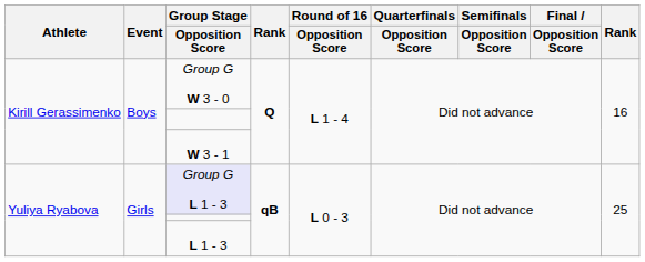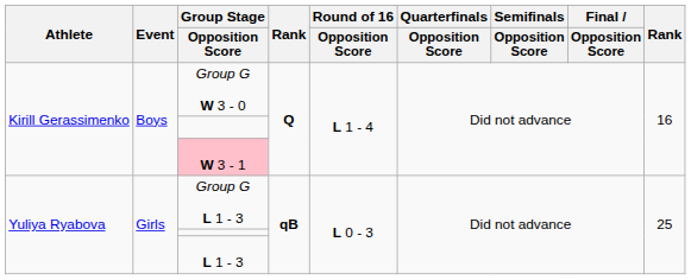 <table class=wikitable style="font-size:90%">
 <tr>
 <th rowspan="2">Athlete</th>
 <th rowspan="2">Event</th>
 <th>Group Stage</th>
 <th rowspan="2">Rank</th>
 <th>Round of 16</th>
 <th>Quarterfinals</th>
 <th>Semifinals</th>
 <th>Final / </th>
 <th rowspan=2>Rank</th>
 </tr>
 <tr style="font-size:95%">
 <th>Opposition<br>Score</th>
 <th>Opposition<br>Score</th>
 <th>Opposition<br>Score</th>
 <th>Opposition<br>Score</th>
 <th>Opposition<br>Score</th>
 </tr>
 <tr align=center>
 <td align=left rowspan=3><a href='#'>Kirill Gerassimenko</a></td>
 <td align=left rowspan=3><a href='#'>Boys</a></td>
 <td><em>Group G</em><br><br><strong>W</strong> 3 - 0</td>
 <td rowspan=3><strong>Q</strong></td>
 <td rowspan=3><br><strong>L</strong> 1 - 4</td>
 <td rowspan=3 colspan=3>Did not advance</td>
 <td rowspan=3>16</td>
 </tr>
 <tr align=center>
 <td><br></td>
 </tr>
 <tr align=center>
-<td><br><strong>W</strong> 3 - 1</td>
+<td style="background: pink;"><br><strong>W</strong> 3 - 1</td>
 </tr>
 <tr align=center>
 <td align=left rowspan=3><a href='#'>Yuliya Ryabova</a></td>
 <td align=left rowspan=3><a href='#'>Girls</a></td>
-<td style="background: lavender;"><em>Group G</em><br><br><strong>L</strong> 1 - 3</td>
+<td><em>Group G</em><br><br><strong>L</strong> 1 - 3</td>
 <td rowspan=3><strong>qB</strong></td>
 <td rowspan=3><br><strong>L</strong> 0 - 3</td>
 <td rowspan=3 colspan=3>Did not advance</td>
 <td rowspan=3>25</td>
 </tr>
 <tr align=center>
 <td></td>
 </tr>
 <tr align=center>
 <td><br><strong>L</strong> 1 - 3</td>
 </tr>
 </table>
